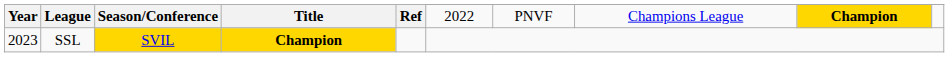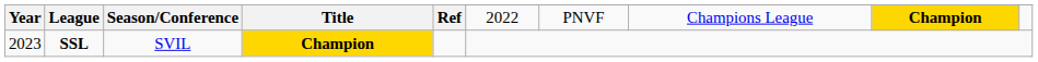 <table class="wikitable sortable" style="text-align:center" width="80%">
 <tr>
 <th style="width:5px;" rowspan="2">Year</th>
 <th style="width:25px;" rowspan="2">League</th>
 <th style="width:100px;" rowspan="2">Season/Conference</th>
 <th style="width:180px;" rowspan="2">Title</th>
 <th style="width:25px;" rowspan="2">Ref</th>
 </tr>
 <tr align=center>
 <td rowspan=1>2022</td>
 <td>PNVF</td>
 <td><a href='#'>Champions League</a></td>
 <td style="background:gold;"><strong>Champion</strong></td>
 <td></td>
 </tr>
 <tr align=center>
 <td rowspan=1>2023</td>
-<td>SSL</td>
-<td style="background: gold;"><a href='#'>SVIL</a></td>
+<td><strong>SSL</strong></td>
+<td><a href='#'>SVIL</a></td>
 <td style="background:gold;"><strong>Champion</strong></td>
 <td></td>
 </tr>
 </table>
